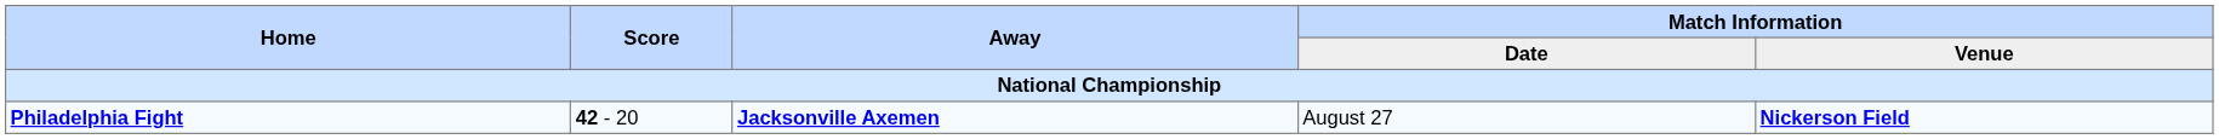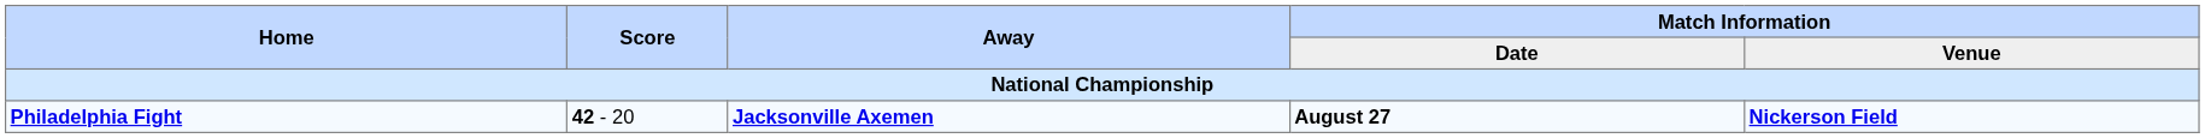 <table border="1" cellpadding="3" cellspacing="0" style="border-collapse:collapse; font-size:90%; text-align:center; width:100%">
 <tr style="background:#c1d8ff;">
 <th rowspan="2" style="width:21%;">Home</th>
 <th rowspan="2" style="width:6%;">Score</th>
 <th rowspan="2" style="width:21%;">Away</th>
 <th colspan=6>Match Information</th>
 </tr>
 <tr style="background:#efefef;">
 <th width=17%>Date</th>
 <th width=17%>Venue</th>
 </tr>
 <tr style="background:#d0e7ff;">
 <td colspan=7><strong>National Championship</strong></td>
 </tr>
 <tr style="text-align:left; background:#f5faff;">
 <td> <strong><a href='#'>Philadelphia Fight</a></strong></td>
 <td><strong>42</strong> - 20</td>
 <td> <strong><a href='#'>Jacksonville Axemen</a></strong></td>
-<td>August 27</td>
+<td><strong>August 27</strong></td>
 <td><strong><a href='#'>Nickerson Field</a></strong></td>
 </tr>
 </table>
